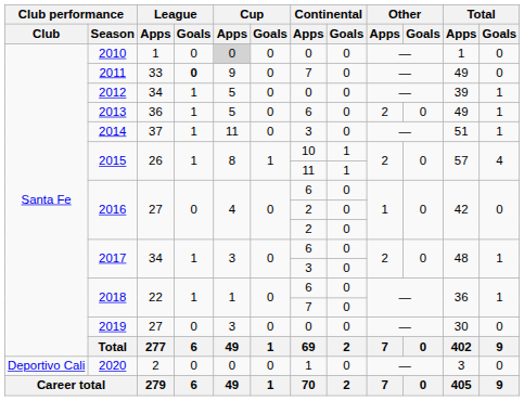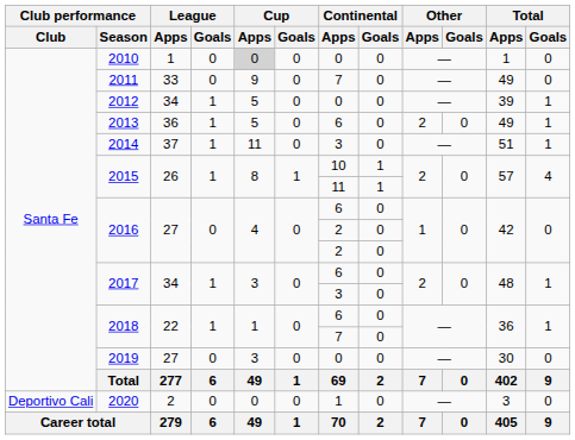 <table class="wikitable" style="text-align:center">
 <tr>
 <th colspan=2>Club performance</th>
 <th colspan=2>League</th>
 <th colspan=2>Cup</th>
 <th colspan=2>Continental</th>
 <th colspan=2>Other</th>
 <th colspan=2>Total</th>
 </tr>
 <tr>
 <th>Club</th>
 <th>Season</th>
 <th>Apps</th>
 <th>Goals</th>
 <th>Apps</th>
 <th>Goals</th>
 <th>Apps</th>
 <th>Goals</th>
 <th>Apps</th>
 <th>Goals</th>
 <th>Apps</th>
 <th>Goals</th>
 </tr>
 <tr>
 <td rowspan="16"><a href='#'>Santa Fe</a></td>
 <td><a href='#'>2010</a></td>
 <td>1</td>
 <td>0</td>
 <td style="background: lightgrey;">0</td>
 <td>0</td>
 <td>0</td>
 <td>0</td>
 <td colspan="2">—</td>
 <td>1</td>
 <td>0</td>
 </tr>
 <tr>
 <td><a href='#'>2011</a></td>
 <td>33</td>
-<td><strong>0</strong></td>
+<td>0</td>
 <td>9</td>
 <td>0</td>
 <td>7</td>
 <td>0</td>
 <td colspan="2">—</td>
 <td>49</td>
 <td>0</td>
 </tr>
 <tr>
 <td><a href='#'>2012</a></td>
 <td>34</td>
 <td>1</td>
 <td>5</td>
 <td>0</td>
 <td>0</td>
 <td>0</td>
 <td colspan="2">—</td>
 <td>39</td>
 <td>1</td>
 </tr>
 <tr>
 <td><a href='#'>2013</a></td>
 <td>36</td>
 <td>1</td>
 <td>5</td>
 <td>0</td>
 <td>6</td>
 <td>0</td>
 <td>2</td>
 <td>0</td>
 <td>49</td>
 <td>1</td>
 </tr>
 <tr>
 <td><a href='#'>2014</a></td>
 <td>37</td>
 <td>1</td>
 <td>11</td>
 <td>0</td>
 <td>3</td>
 <td>0</td>
 <td colspan="2">—</td>
 <td>51</td>
 <td>1</td>
 </tr>
 <tr>
 <td rowspan="2"><a href='#'>2015</a></td>
 <td rowspan="2">26</td>
 <td rowspan="2">1</td>
 <td rowspan="2">8</td>
 <td rowspan="2">1</td>
 <td>10</td>
 <td>1</td>
 <td rowspan="2">2</td>
 <td rowspan="2">0</td>
 <td rowspan="2">57</td>
 <td rowspan="2">4</td>
 </tr>
 <tr>
 <td>11</td>
 <td>1</td>
 </tr>
 <tr>
 <td rowspan="3"><a href='#'>2016</a></td>
 <td rowspan="3">27</td>
 <td rowspan="3">0</td>
 <td rowspan="3">4</td>
 <td rowspan="3">0</td>
 <td>6</td>
 <td>0</td>
 <td rowspan="3">1</td>
 <td rowspan="3">0</td>
 <td rowspan="3">42</td>
 <td rowspan="3">0</td>
 </tr>
 <tr>
 <td>2</td>
 <td>0</td>
 </tr>
 <tr>
 <td>2</td>
 <td>0</td>
 </tr>
 <tr>
 <td rowspan="2"><a href='#'>2017</a></td>
 <td rowspan="2">34</td>
 <td rowspan="2">1</td>
 <td rowspan="2">3</td>
 <td rowspan="2">0</td>
 <td>6</td>
 <td>0</td>
 <td rowspan="2">2</td>
 <td rowspan="2">0</td>
 <td rowspan="2">48</td>
 <td rowspan="2">1</td>
 </tr>
 <tr>
 <td>3</td>
 <td>0</td>
 </tr>
 <tr>
 <td rowspan="2"><a href='#'>2018</a></td>
 <td rowspan="2">22</td>
 <td rowspan="2">1</td>
 <td rowspan="2">1</td>
 <td rowspan="2">0</td>
 <td>6</td>
 <td>0</td>
 <td rowspan="2" colspan="2">—</td>
 <td rowspan="2">36</td>
 <td rowspan="2">1</td>
 </tr>
 <tr>
 <td>7</td>
 <td>0</td>
 </tr>
 <tr>
 <td><a href='#'>2019</a></td>
 <td>27</td>
 <td>0</td>
 <td>3</td>
 <td>0</td>
 <td>0</td>
 <td>0</td>
 <td colspan="2">—</td>
 <td>30</td>
 <td>0</td>
 </tr>
 <tr>
 <th>Total</th>
 <th>277</th>
 <th>6</th>
 <th>49</th>
 <th>1</th>
 <th>69</th>
 <th>2</th>
 <th>7</th>
 <th>0</th>
 <th>402</th>
 <th>9</th>
 </tr>
 <tr>
 <td rowspan="1"><a href='#'>Deportivo Cali</a></td>
 <td><a href='#'>2020</a></td>
 <td>2</td>
 <td>0</td>
 <td>0</td>
 <td>0</td>
 <td>1</td>
 <td>0</td>
 <td colspan="2">—</td>
 <td>3</td>
 <td>0</td>
 </tr>
 <tr>
 <th colspan=2>Career total</th>
 <th>279</th>
 <th>6</th>
 <th>49</th>
 <th>1</th>
 <th>70</th>
 <th>2</th>
 <th>7</th>
 <th>0</th>
 <th>405</th>
 <th>9</th>
 </tr>
 </table>
